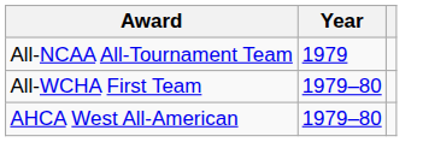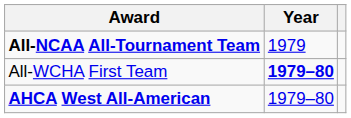 <table class="wikitable">
 <tr>
 <th>Award</th>
 <th>Year</th>
 <th></th>
 </tr>
 <tr>
-<td>All-<a href='#'>NCAA</a> <a href='#'>All-Tournament Team</a></td>
+<td><strong>All-<a href='#'>NCAA</a> <a href='#'>All-Tournament Team</a></strong></td>
 <td><a href='#'>1979</a></td>
 <td></td>
 </tr>
 <tr>
 <td>All-<a href='#'>WCHA</a> <a href='#'>First Team</a></td>
-<td><a href='#'>1979–80</a></td>
+<td><strong><a href='#'>1979–80</a></strong></td>
 <td></td>
 </tr>
 <tr>
-<td><a href='#'>AHCA</a> <a href='#'>West All-American</a></td>
+<td><strong><a href='#'>AHCA</a> <a href='#'>West All-American</a></strong></td>
 <td><a href='#'>1979–80</a></td>
 <td></td>
 </tr>
 </table>
